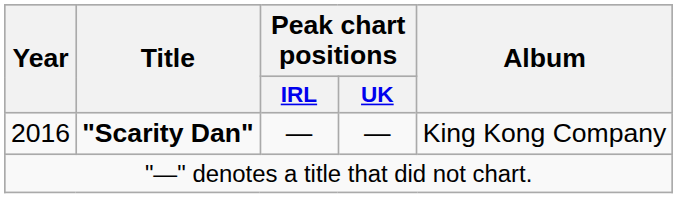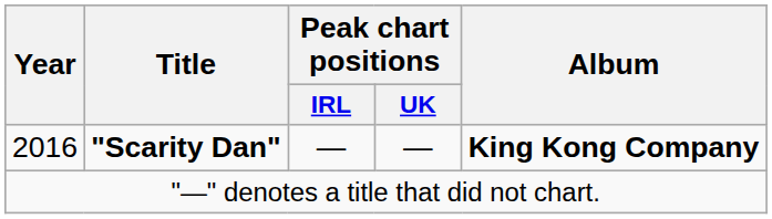 <table class="wikitable" style="text-align:center;">
 <tr>
 <th rowspan=2>Year</th>
 <th rowspan=2>Title</th>
 <th colspan="2">Peak chart positions</th>
 <th rowspan="2">Album</th>
 </tr>
 <tr>
 <th style="width:3em;font-size:85%"><a href='#'>IRL</a></th>
 <th style="width:3em;font-size:85%"><a href='#'>UK</a></th>
 </tr>
 <tr>
 <td>2016</td>
 <td style="text-align:left;"><strong>"Scarity Dan"</strong></td>
 <td>—</td>
 <td>—</td>
-<td>King Kong Company</td>
+<td><strong>King Kong Company</strong></td>
 </tr>
 <tr>
 <td colspan="5" style="font-size:90%">"—" denotes a title that did not chart.</td>
 </tr>
 </table>
